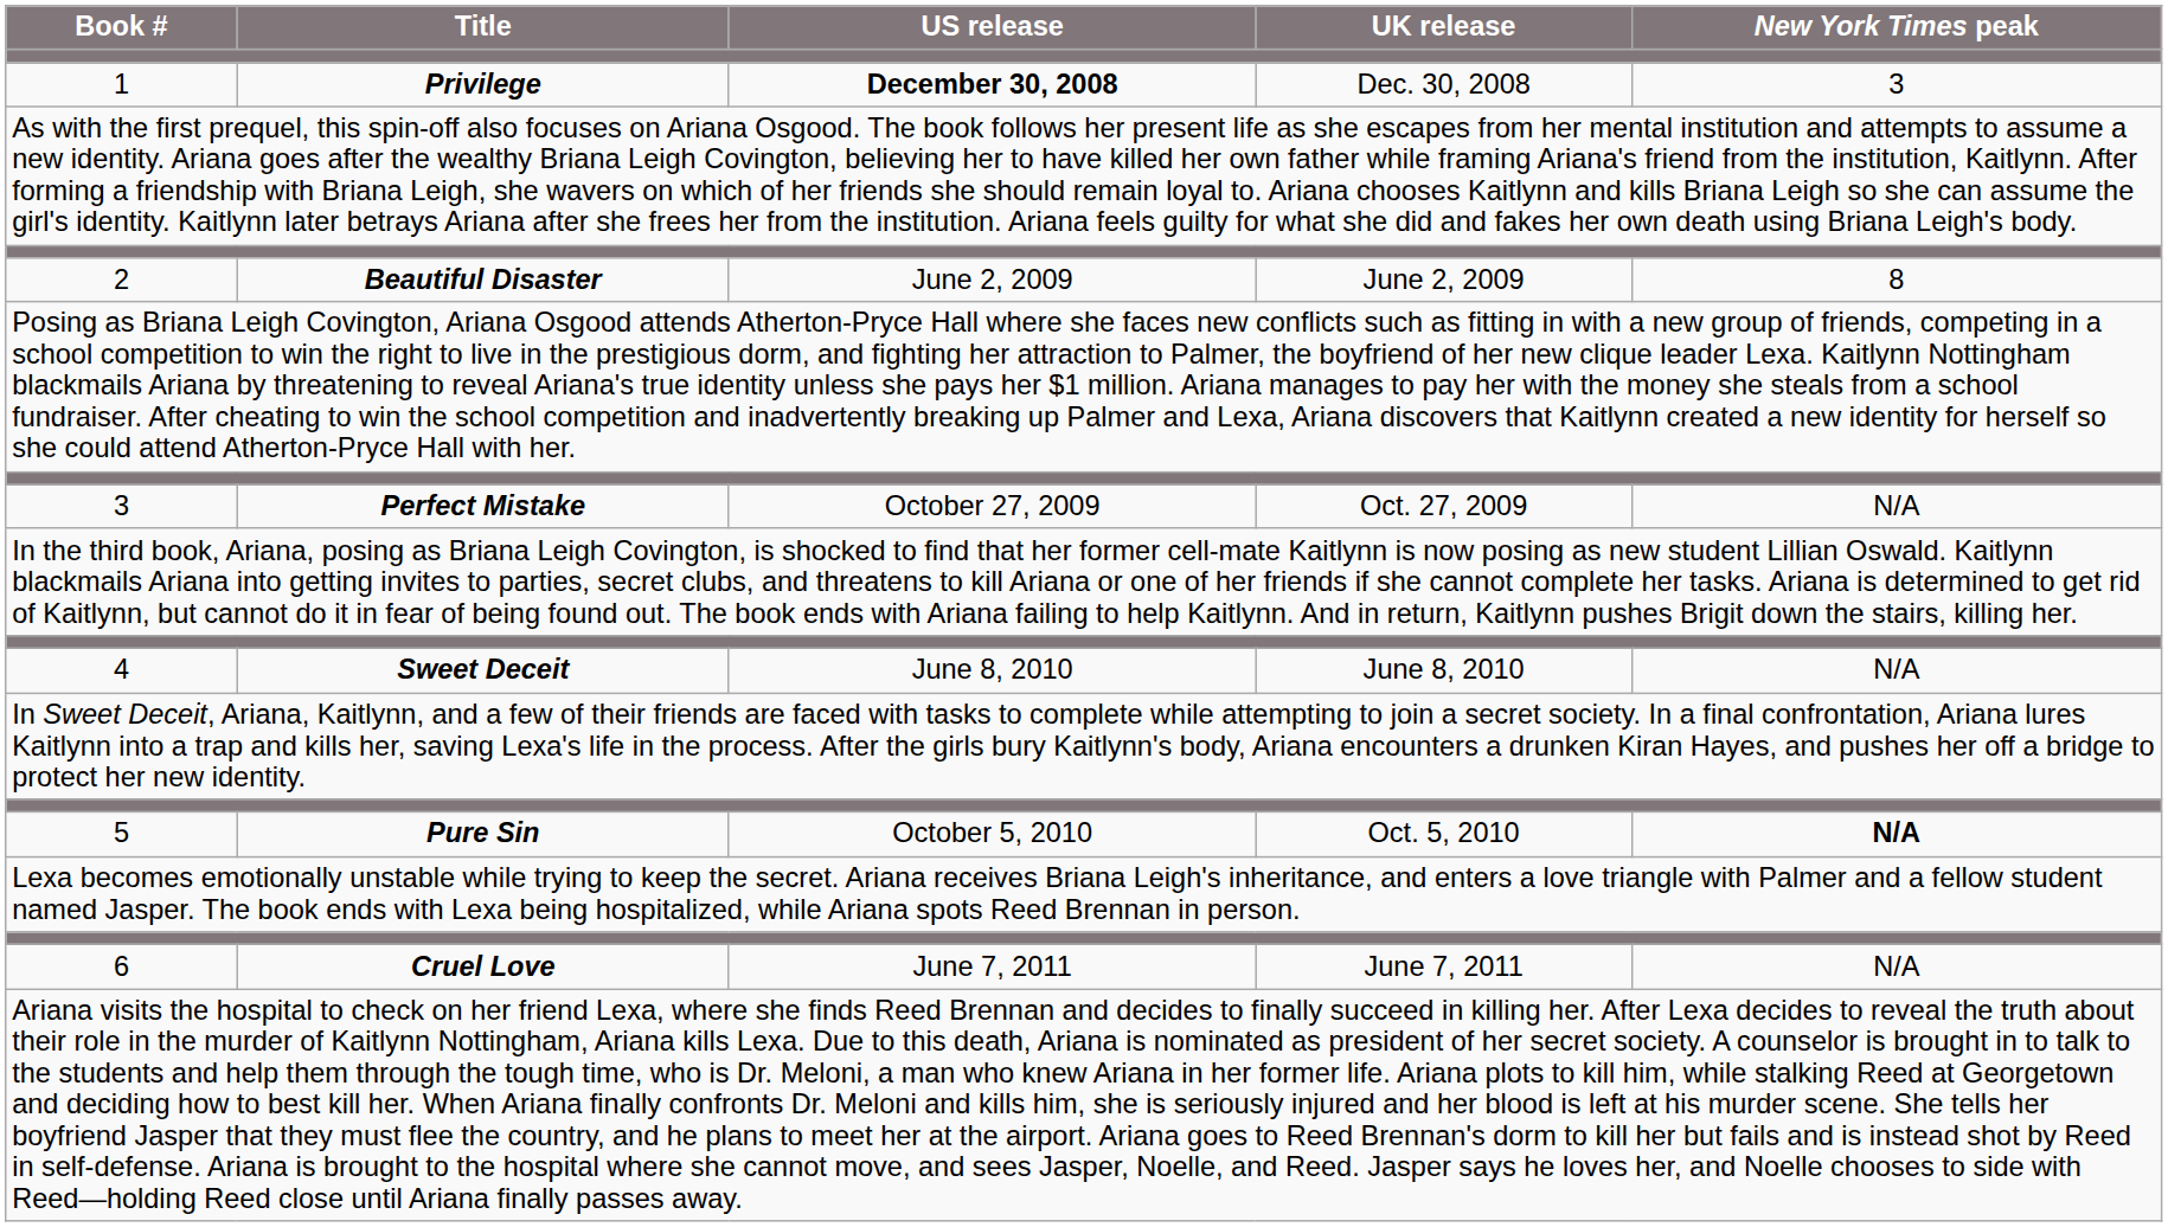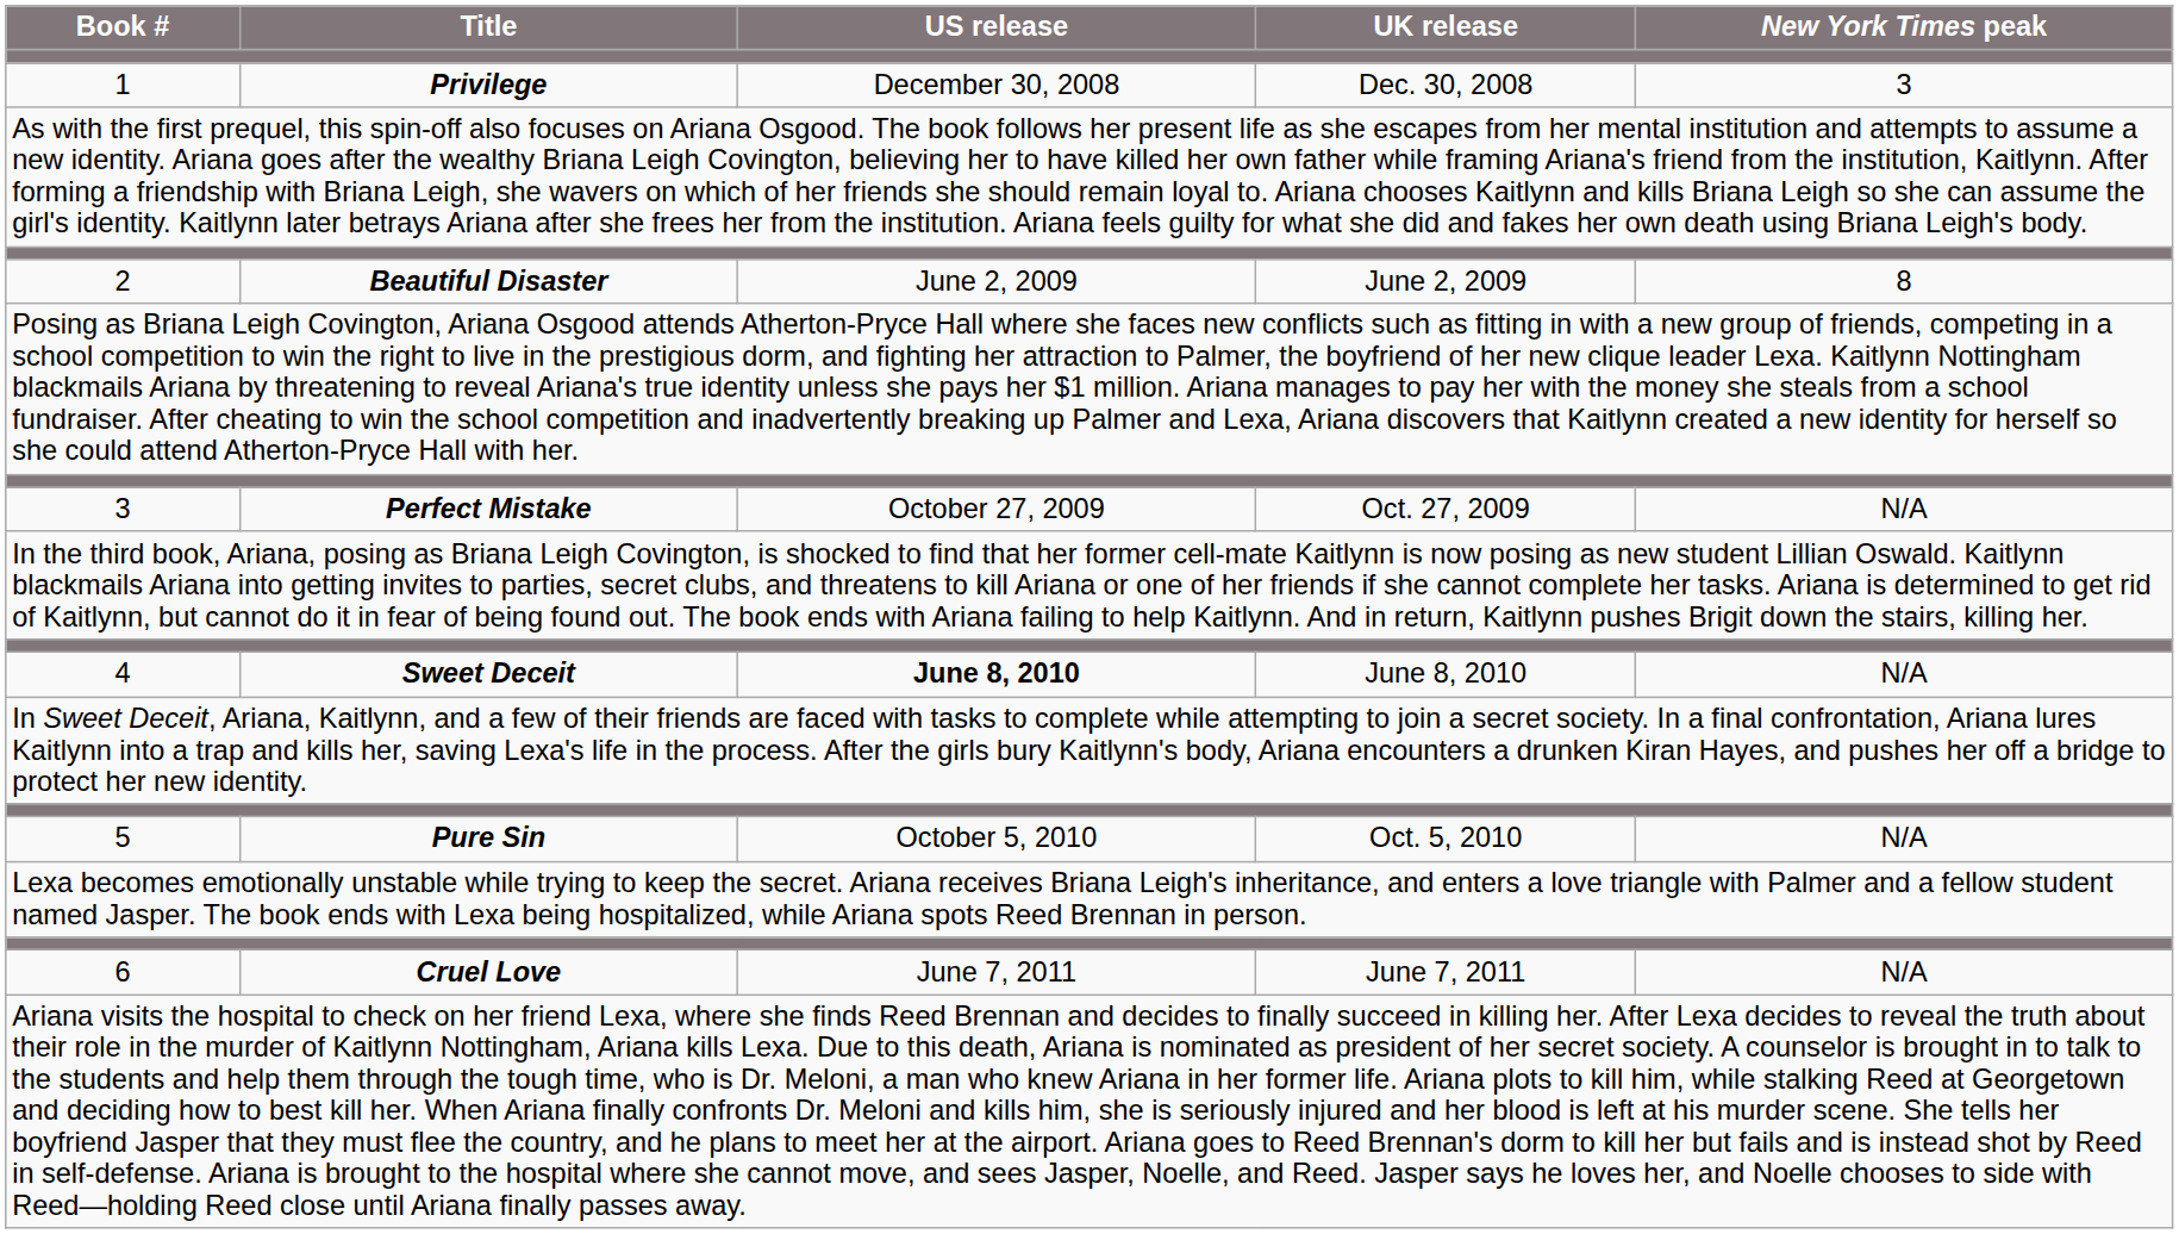 <table class="wikitable" style="width:98%; background-color:#FFFFF">
 <tr style="color:white">
 <th style="background-color: #817679;">Book #</th>
 <th style="background-color: #817679;">Title</th>
 <th style="background-color: #817679;">US release</th>
 <th style="background-color: #817679;">UK release</th>
 <th style="background-color: #817679;"><em>New York Times</em> peak</th>
 </tr>
 <tr>
 <td colspan="6" bgcolor="#817679"></td>
 </tr>
 <tr>
 <td align="center">1</td>
 <td align="center"><strong><em>Privilege</em></strong></td>
-<td align="center"><strong>December 30, 2008</strong></td>
+<td align="center">December 30, 2008</td>
 <td align="center">Dec. 30, 2008</td>
 <td align="center">3</td>
 </tr>
 <tr>
 <td colspan="6">As with the first prequel, this spin-off also focuses on Ariana Osgood. The book follows her present life as she escapes from her mental institution and attempts to assume a new identity. Ariana goes after the wealthy Briana Leigh Covington, believing her to have killed her own father while framing Ariana's friend from the institution, Kaitlynn. After forming a friendship with Briana Leigh, she wavers on which of her friends she should remain loyal to. Ariana chooses Kaitlynn and kills Briana Leigh so she can assume the girl's identity. Kaitlynn later betrays Ariana after she frees her from the institution. Ariana feels guilty for what she did and fakes her own death using Briana Leigh's body.</td>
 </tr>
 <tr>
 <td colspan="6" bgcolor="#817679"></td>
 </tr>
 <tr>
 <td align="center">2</td>
 <td align="center"><strong><em>Beautiful Disaster</em></strong></td>
 <td align="center">June 2, 2009</td>
 <td align="center">June 2, 2009</td>
 <td align="center">8</td>
 </tr>
 <tr>
 <td colspan="6">Posing as Briana Leigh Covington, Ariana Osgood attends Atherton-Pryce Hall where she faces new conflicts such as fitting in with a new group of friends, competing in a school competition to win the right to live in the prestigious dorm, and fighting her attraction to Palmer, the boyfriend of her new clique leader Lexa. Kaitlynn Nottingham blackmails Ariana by threatening to reveal Ariana's true identity unless she pays her $1 million. Ariana manages to pay her with the money she steals from a school fundraiser. After cheating to win the school competition and inadvertently breaking up Palmer and Lexa, Ariana discovers that Kaitlynn created a new identity for herself so she could attend Atherton-Pryce Hall with her.</td>
 </tr>
 <tr>
 <td colspan="6" bgcolor="#817679"></td>
 </tr>
 <tr>
 <td align="center">3</td>
 <td align="center"><strong><em>Perfect Mistake</em></strong></td>
 <td align="center">October 27, 2009</td>
 <td align="center">Oct. 27, 2009</td>
 <td align="center">N/A</td>
 </tr>
 <tr>
 <td colspan="6">In the third book, Ariana, posing as Briana Leigh Covington, is shocked to find that her former cell-mate Kaitlynn is now posing as new student Lillian Oswald. Kaitlynn blackmails Ariana into getting invites to parties, secret clubs, and threatens to kill Ariana or one of her friends if she cannot complete her tasks. Ariana is determined to get rid of Kaitlynn, but cannot do it in fear of being found out. The book ends with Ariana failing to help Kaitlynn. And in return, Kaitlynn pushes Brigit down the stairs, killing her.</td>
 </tr>
 <tr>
 <td colspan="6" bgcolor="#817679"></td>
 </tr>
 <tr>
 <td align="center">4</td>
 <td align="center"><strong><em>Sweet Deceit</em></strong></td>
-<td align="center">June 8, 2010</td>
+<td align="center"><strong>June 8, 2010</strong></td>
 <td align="center">June 8, 2010</td>
 <td align="center">N/A</td>
 </tr>
 <tr>
 <td colspan="6">In <em>Sweet Deceit</em>, Ariana, Kaitlynn, and a few of their friends are faced with tasks to complete while attempting to join a secret society. In a final confrontation, Ariana lures Kaitlynn into a trap and kills her, saving Lexa's life in the process. After the girls bury Kaitlynn's body, Ariana encounters a drunken Kiran Hayes, and pushes her off a bridge to protect her new identity.</td>
 </tr>
 <tr>
 <td colspan="6" bgcolor="#817679"></td>
 </tr>
 <tr>
 <td align="center">5</td>
 <td align="center"><strong><em>Pure Sin</em></strong></td>
 <td align="center">October 5, 2010</td>
 <td align="center">Oct. 5, 2010</td>
-<td align="center"><strong>N/A</strong></td>
+<td align="center">N/A</td>
 </tr>
 <tr>
 <td colspan="6">Lexa becomes emotionally unstable while trying to keep the secret. Ariana receives Briana Leigh's inheritance, and enters a love triangle with Palmer and a fellow student named Jasper. The book ends with Lexa being hospitalized, while Ariana spots Reed Brennan in person.</td>
 </tr>
 <tr>
 <td colspan="6" bgcolor="#817679"></td>
 </tr>
 <tr>
 <td align="center">6</td>
 <td align="center"><strong><em>Cruel Love</em></strong></td>
 <td align="center">June 7, 2011</td>
 <td align="center">June 7, 2011</td>
 <td align="center">N/A</td>
 </tr>
 <tr>
 <td colspan="6">Ariana visits the hospital to check on her friend Lexa, where she finds Reed Brennan and decides to finally succeed in killing her. After Lexa decides to reveal the truth about their role in the murder of Kaitlynn Nottingham, Ariana kills Lexa. Due to this death, Ariana is nominated as president of her secret society. A counselor is brought in to talk to the students and help them through the tough time, who is Dr. Meloni, a man who knew Ariana in her former life. Ariana plots to kill him, while stalking Reed at Georgetown and deciding how to best kill her. When Ariana finally confronts Dr. Meloni and kills him, she is seriously injured and her blood is left at his murder scene. She tells her boyfriend Jasper that they must flee the country, and he plans to meet her at the airport. Ariana goes to Reed Brennan's dorm to kill her but fails and is instead shot by Reed in self-defense. Ariana is brought to the hospital where she cannot move, and sees Jasper, Noelle, and Reed. Jasper says he loves her, and Noelle chooses to side with Reed—holding Reed close until Ariana finally passes away.</td>
 </tr>
 </table>
